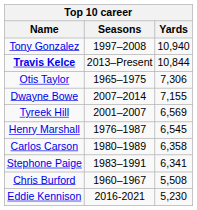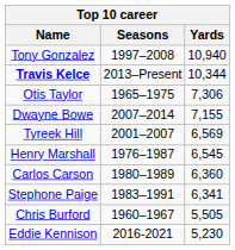 <table class="wikitable" style="text-align:center">
 <tr>
 <th colspan="3"><strong>Top 10 career</strong></th>
 </tr>
 <tr>
 <th><strong>Name</strong></th>
 <th><strong>Seasons</strong></th>
 <th><strong>Yards</strong></th>
 </tr>
 <tr>
 <td><a href='#'>Tony Gonzalez</a></td>
 <td>1997–2008</td>
 <td>10,940</td>
 </tr>
 <tr>
 <td><strong><a href='#'>Travis Kelce</a></strong></td>
 <td>2013–Present</td>
-<td>10,844</td>
+<td>10,344</td>
 </tr>
 <tr>
 <td><a href='#'>Otis Taylor</a></td>
 <td>1965–1975</td>
 <td>7,306</td>
 </tr>
 <tr>
 <td><a href='#'>Dwayne Bowe</a></td>
 <td>2007–2014</td>
 <td>7,155</td>
 </tr>
 <tr>
 <td><a href='#'>Tyreek Hill</a></td>
 <td>2001–2007</td>
 <td>6,569</td>
 </tr>
 <tr>
 <td><a href='#'>Henry Marshall</a></td>
 <td>1976–1987</td>
 <td>6,545</td>
 </tr>
 <tr>
 <td><a href='#'>Carlos Carson</a></td>
 <td>1980–1989</td>
-<td>6,358</td>
+<td>6,360</td>
 </tr>
 <tr>
 <td><a href='#'>Stephone Paige</a></td>
 <td>1983–1991</td>
 <td>6,341</td>
 </tr>
 <tr>
 <td><a href='#'>Chris Burford</a></td>
 <td>1960–1967</td>
-<td>5,508</td>
+<td>5,505</td>
 </tr>
 <tr>
 <td><a href='#'>Eddie Kennison</a></td>
 <td>2016-2021</td>
 <td>5,230</td>
 </tr>
 </table>
